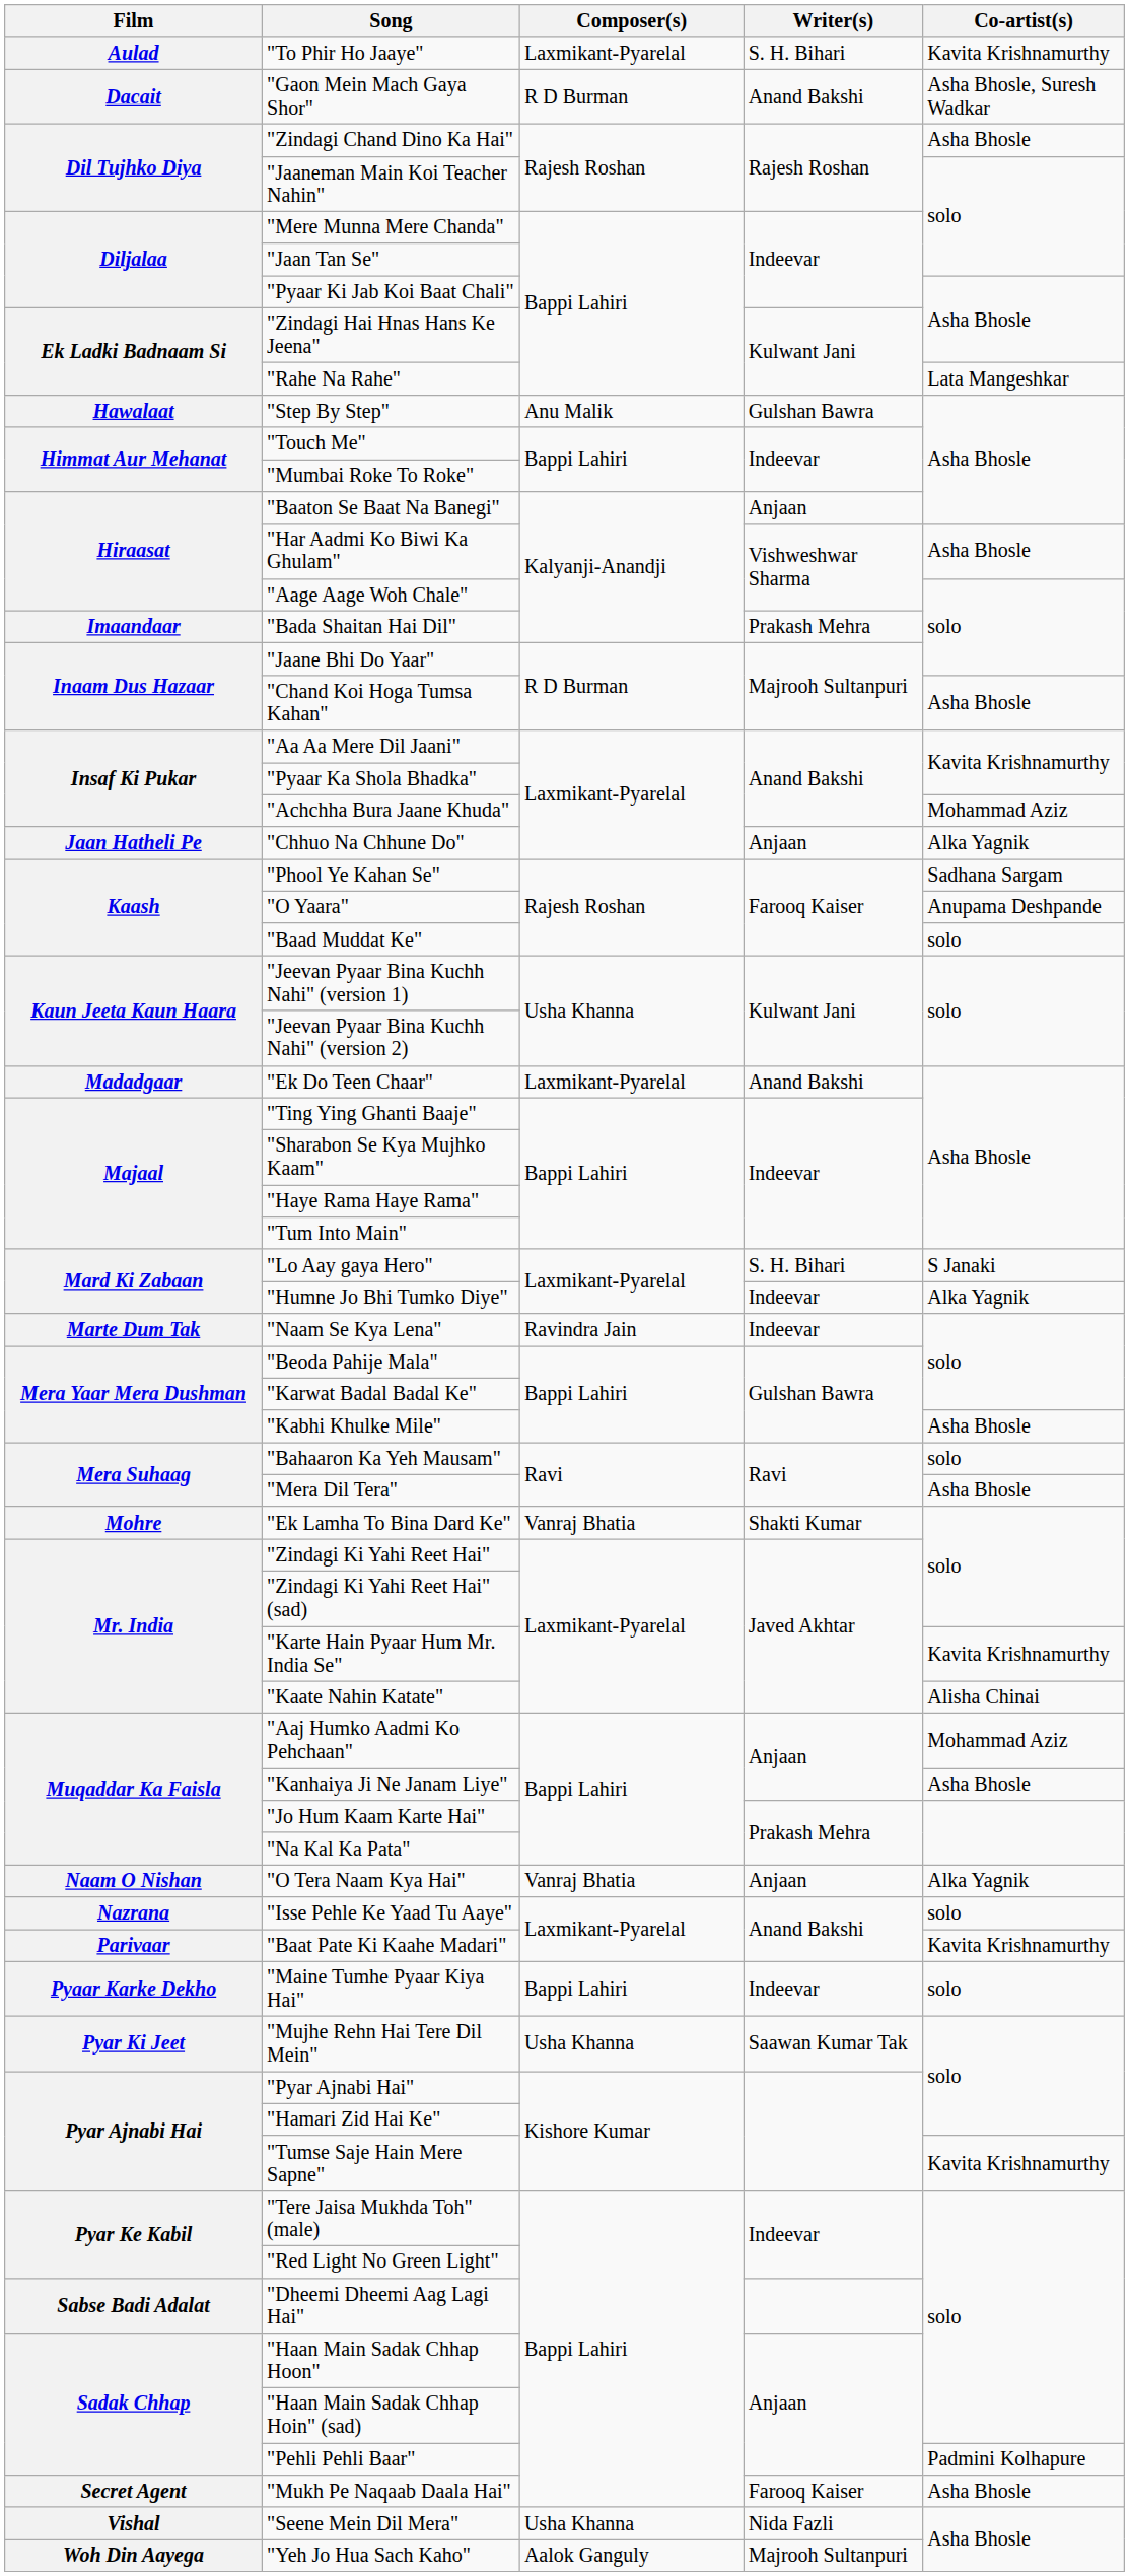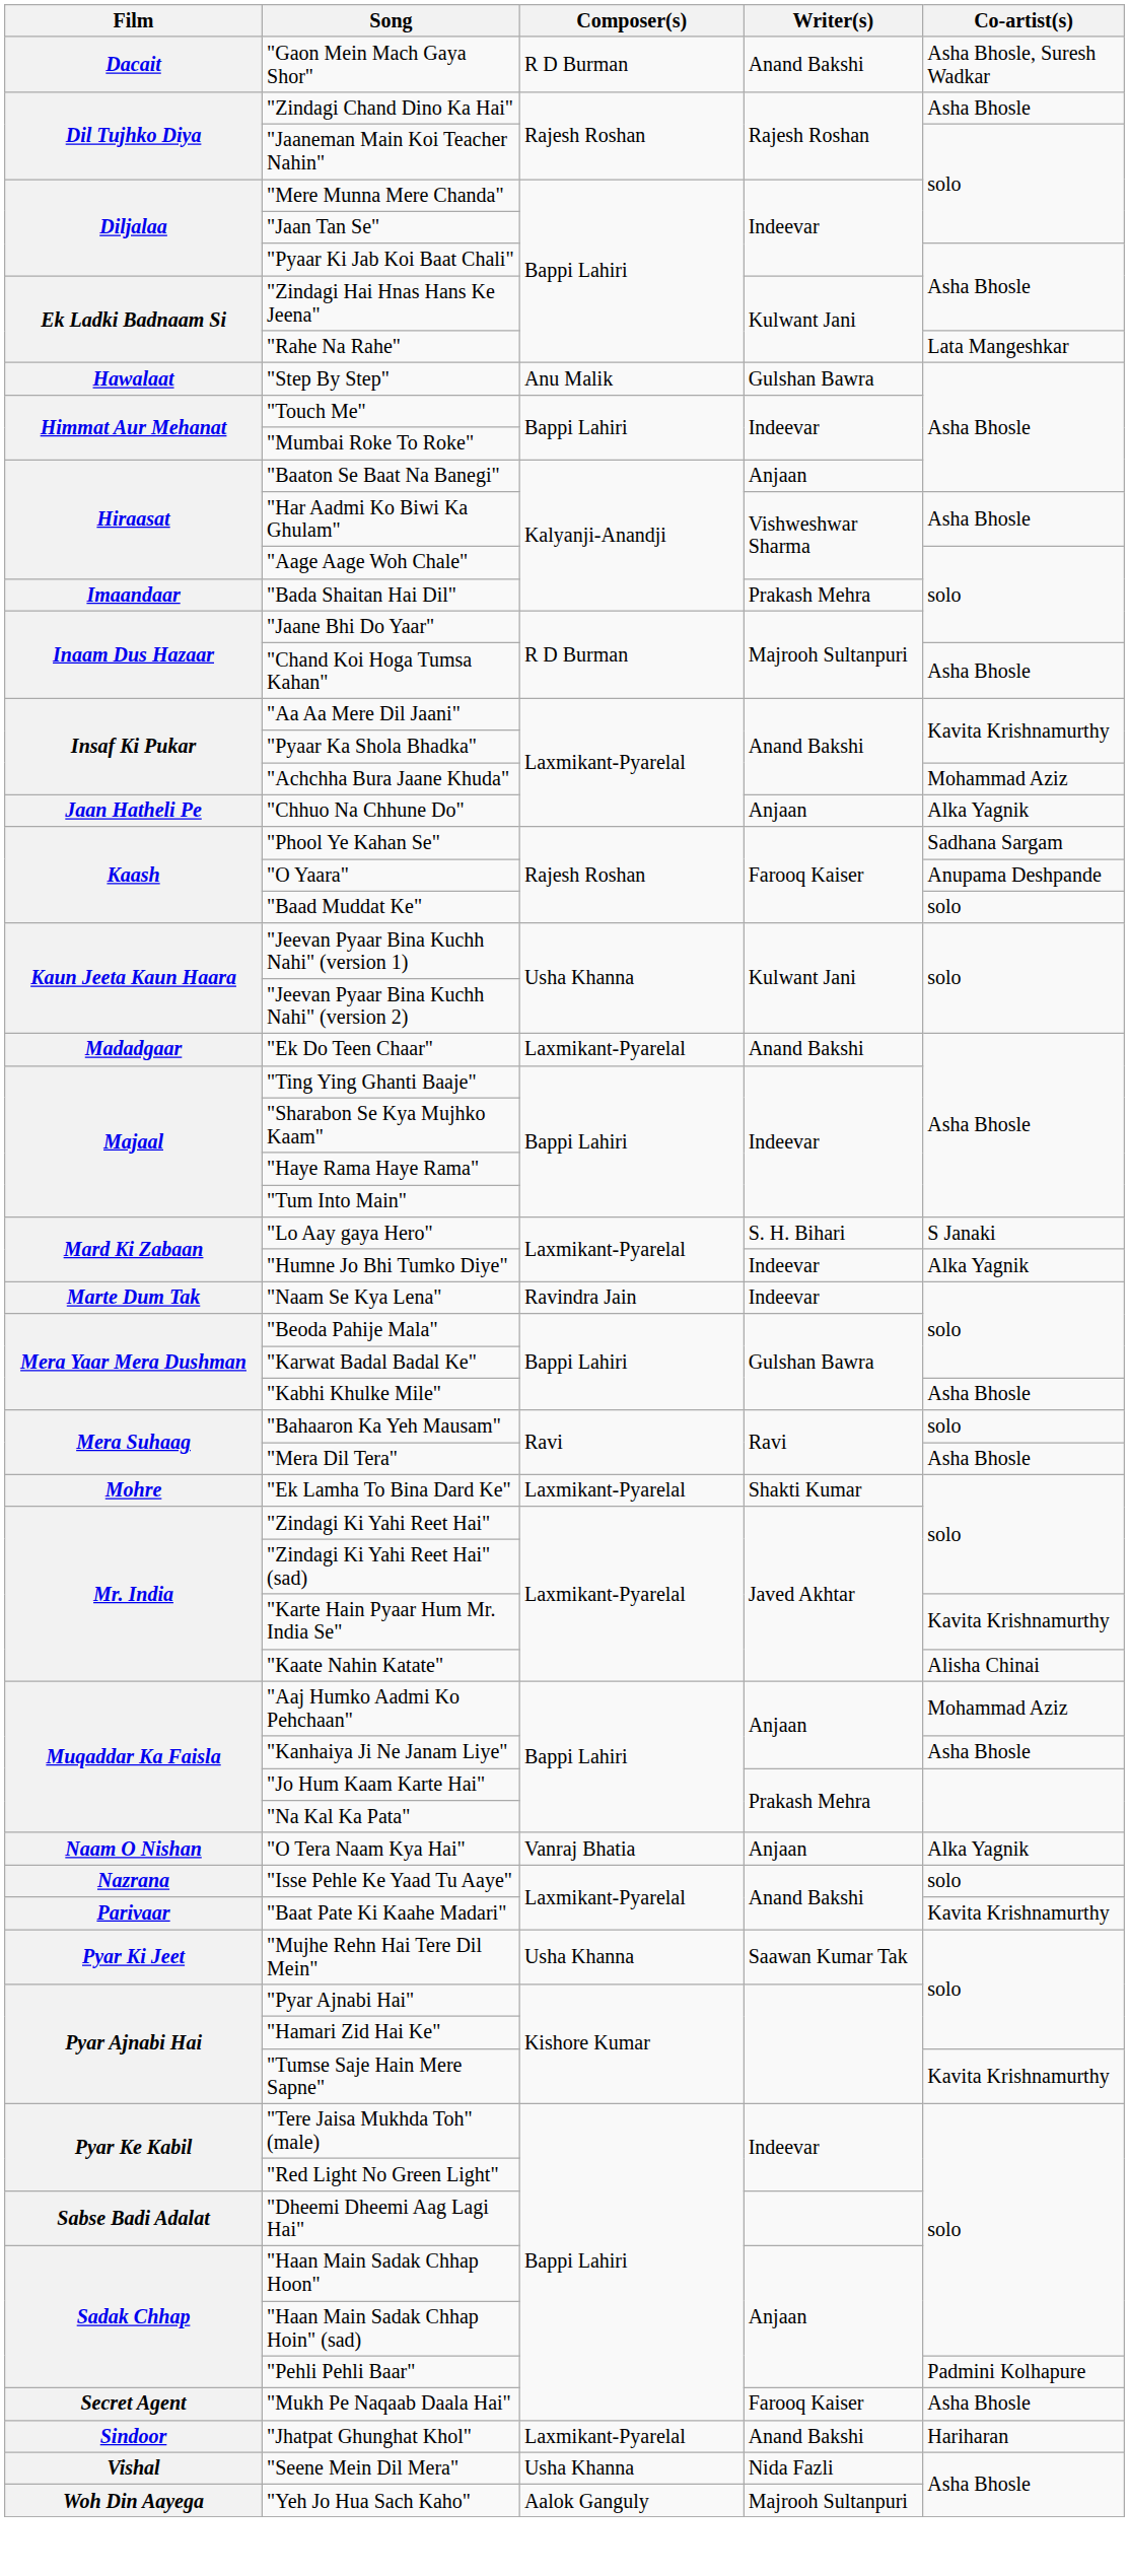 <table class="wikitable plainrowheaders" width="100%" textcolor:#000;">
 <tr style="background:#b0e0e66;">
 <th scope="col" width=23%><strong>Film</strong></th>
 <th scope="col" width=23%><strong>Song</strong></th>
 <th scope="col" width=20%><strong>Composer(s)</strong></th>
 <th scope="col" width=16%><strong>Writer(s)</strong></th>
 <th scope="col" width=18%><strong>Co-artist(s)</strong></th>
-</tr>
-<tr>
-<th><em><a href='#'>Aulad</a></em></th>
-<td>"To Phir Ho Jaaye"</td>
-<td>Laxmikant-Pyarelal</td>
-<td>S. H. Bihari</td>
-<td>Kavita Krishnamurthy</td>
 </tr>
 <tr>
 <th><em><a href='#'>Dacait</a></em></th>
 <td>"Gaon Mein Mach Gaya Shor"</td>
 <td>R D Burman</td>
 <td>Anand Bakshi</td>
 <td>Asha Bhosle, Suresh Wadkar</td>
 </tr>
 <tr>
 <th rowspan=2><em><a href='#'>Dil Tujhko Diya</a></em></th>
 <td>"Zindagi Chand Dino Ka Hai"</td>
 <td rowspan=2>Rajesh Roshan</td>
 <td rowspan=2>Rajesh Roshan</td>
 <td>Asha Bhosle</td>
 </tr>
 <tr>
 <td>"Jaaneman Main Koi Teacher Nahin"</td>
 <td rowspan=3>solo</td>
 </tr>
 <tr>
 <th rowspan=3><em><a href='#'>Diljalaa</a></em></th>
 <td>"Mere Munna Mere Chanda"</td>
 <td rowspan=5>Bappi Lahiri</td>
 <td rowspan=3>Indeevar</td>
 </tr>
 <tr>
 <td>"Jaan Tan Se"</td>
 </tr>
 <tr>
 <td>"Pyaar Ki Jab Koi Baat Chali"</td>
 <td rowspan=2>Asha Bhosle</td>
 </tr>
 <tr>
 <th rowspan=2><em>Ek Ladki Badnaam Si</em></th>
 <td>"Zindagi Hai Hnas Hans Ke Jeena"</td>
 <td rowspan=2>Kulwant Jani</td>
 </tr>
 <tr>
 <td>"Rahe Na Rahe"</td>
 <td>Lata Mangeshkar</td>
 </tr>
 <tr>
 <th><em><a href='#'>Hawalaat</a></em></th>
 <td>"Step By Step"</td>
 <td>Anu Malik</td>
 <td>Gulshan Bawra</td>
 <td rowspan=4>Asha Bhosle</td>
 </tr>
 <tr>
 <th rowspan=2><em><a href='#'>Himmat Aur Mehanat</a></em></th>
 <td>"Touch Me"</td>
 <td rowspan=2>Bappi Lahiri</td>
 <td rowspan=2>Indeevar</td>
 </tr>
 <tr>
 <td>"Mumbai Roke To Roke"</td>
 </tr>
 <tr>
 <th rowspan=3><em><a href='#'>Hiraasat</a></em></th>
 <td>"Baaton Se Baat Na Banegi"</td>
 <td rowspan=4>Kalyanji-Anandji</td>
 <td>Anjaan</td>
 </tr>
 <tr>
 <td>"Har Aadmi Ko Biwi Ka Ghulam"</td>
 <td rowspan=2>Vishweshwar Sharma</td>
 <td>Asha Bhosle</td>
 </tr>
 <tr>
 <td>"Aage Aage Woh Chale"</td>
 <td rowspan=3>solo</td>
 </tr>
 <tr>
 <th><em><a href='#'>Imaandaar</a></em></th>
 <td>"Bada Shaitan Hai Dil"</td>
 <td>Prakash Mehra</td>
 </tr>
 <tr>
 <th rowspan=2><em><a href='#'>Inaam Dus Hazaar</a></em></th>
 <td>"Jaane Bhi Do Yaar"</td>
 <td rowspan=2>R D Burman</td>
 <td rowspan=2>Majrooh Sultanpuri</td>
 </tr>
 <tr>
 <td>"Chand Koi Hoga Tumsa Kahan"</td>
 <td>Asha Bhosle</td>
 </tr>
 <tr>
 <th rowspan=3><em>Insaf Ki Pukar</em></th>
 <td>"Aa Aa Mere Dil Jaani"</td>
 <td rowspan=4>Laxmikant-Pyarelal</td>
 <td Rowspan=3>Anand Bakshi</td>
 <td rowspan=2>Kavita Krishnamurthy</td>
 </tr>
 <tr>
 <td>"Pyaar Ka Shola Bhadka"</td>
 </tr>
 <tr>
 <td>"Achchha Bura Jaane Khuda"</td>
 <td>Mohammad Aziz</td>
 </tr>
 <tr>
 <th><em><a href='#'>Jaan Hatheli Pe</a></em></th>
 <td>"Chhuo Na Chhune Do"</td>
 <td>Anjaan</td>
 <td>Alka Yagnik</td>
 </tr>
 <tr>
 <th rowspan=3><em><a href='#'>Kaash</a></em></th>
 <td>"Phool Ye Kahan Se"</td>
 <td rowspan=3>Rajesh Roshan</td>
 <td rowspan=3>Farooq Kaiser</td>
 <td>Sadhana Sargam</td>
 </tr>
 <tr>
 <td>"O Yaara"</td>
 <td>Anupama Deshpande</td>
 </tr>
 <tr>
 <td>"Baad Muddat Ke"</td>
 <td>solo</td>
 </tr>
 <tr>
 <th rowspan=2><em><a href='#'>Kaun Jeeta Kaun Haara</a></em></th>
 <td>"Jeevan Pyaar Bina Kuchh Nahi" (version 1)</td>
 <td rowspan=2>Usha Khanna</td>
 <td rowspan=2>Kulwant Jani</td>
 <td rowspan=2>solo</td>
 </tr>
 <tr>
 <td>"Jeevan Pyaar Bina Kuchh Nahi" (version 2)</td>
 </tr>
 <tr>
 <th><em><a href='#'>Madadgaar</a></em></th>
 <td>"Ek Do Teen Chaar"</td>
 <td>Laxmikant-Pyarelal</td>
 <td>Anand Bakshi</td>
 <td rowspan=5>Asha Bhosle</td>
 </tr>
 <tr>
 <th rowspan=4><em><a href='#'>Majaal</a></em></th>
 <td>"Ting Ying Ghanti Baaje"</td>
 <td rowspan=4>Bappi Lahiri</td>
 <td rowspan=4>Indeevar</td>
 </tr>
 <tr>
 <td>"Sharabon Se Kya Mujhko Kaam"</td>
 </tr>
 <tr>
 <td>"Haye Rama Haye Rama"</td>
 </tr>
 <tr>
 <td>"Tum Into Main"</td>
 </tr>
 <tr>
 <th rowspan=2><em><a href='#'>Mard Ki Zabaan</a></em></th>
 <td>"Lo Aay gaya Hero"</td>
 <td rowspan=2>Laxmikant-Pyarelal</td>
 <td>S. H. Bihari</td>
 <td>S Janaki</td>
 </tr>
 <tr>
 <td>"Humne Jo Bhi Tumko Diye"</td>
 <td>Indeevar</td>
 <td>Alka Yagnik</td>
 </tr>
 <tr>
 <th><em><a href='#'>Marte Dum Tak</a></em></th>
 <td>"Naam Se Kya Lena"</td>
 <td>Ravindra Jain</td>
 <td>Indeevar</td>
 <td rowspan=3>solo</td>
 </tr>
 <tr>
 <th rowspan=3><em><a href='#'>Mera Yaar Mera Dushman</a></em></th>
 <td>"Beoda Pahije Mala"</td>
 <td rowspan=3>Bappi Lahiri</td>
 <td rowspan=3>Gulshan Bawra</td>
 </tr>
 <tr>
 <td>"Karwat Badal Badal Ke"</td>
 </tr>
 <tr>
 <td>"Kabhi Khulke Mile"</td>
 <td>Asha Bhosle</td>
 </tr>
 <tr>
 <th rowspan=2><em><a href='#'>Mera Suhaag</a></em></th>
 <td>"Bahaaron Ka Yeh Mausam"</td>
 <td rowspan=2>Ravi</td>
 <td rowspan=2>Ravi</td>
 <td>solo</td>
 </tr>
 <tr>
 <td>"Mera Dil Tera"</td>
 <td>Asha Bhosle</td>
 </tr>
 <tr>
 <th><em><a href='#'>Mohre</a></em></th>
 <td>"Ek Lamha To Bina Dard Ke"</td>
-<td>Vanraj Bhatia</td>
+<td>Laxmikant-Pyarelal</td>
 <td>Shakti Kumar</td>
 <td rowspan=3>solo</td>
 </tr>
 <tr>
 <th rowspan=4><em><a href='#'>Mr. India</a></em></th>
 <td>"Zindagi Ki Yahi Reet Hai"</td>
 <td rowspan=4>Laxmikant-Pyarelal</td>
 <td rowspan=4>Javed Akhtar</td>
 </tr>
 <tr>
 <td>"Zindagi Ki Yahi Reet Hai" (sad)</td>
 </tr>
 <tr>
 <td>"Karte Hain Pyaar Hum Mr. India Se"</td>
 <td>Kavita Krishnamurthy</td>
 </tr>
 <tr>
 <td>"Kaate Nahin Katate"</td>
 <td>Alisha Chinai</td>
 </tr>
 <tr>
 <th rowspan=4><em><a href='#'>Muqaddar Ka Faisla</a></em></th>
 <td>"Aaj Humko Aadmi Ko Pehchaan"</td>
 <td rowspan=4>Bappi Lahiri</td>
 <td rowspan=2>Anjaan</td>
 <td>Mohammad Aziz</td>
 </tr>
 <tr>
 <td>"Kanhaiya Ji Ne Janam Liye"</td>
 <td>Asha Bhosle</td>
 </tr>
 <tr>
 <td>"Jo Hum Kaam Karte Hai"</td>
 <td rowspan=2>Prakash Mehra</td>
 </tr>
 <tr>
 <td>"Na Kal Ka Pata"</td>
 </tr>
 <tr>
 <th><em><a href='#'>Naam O Nishan</a></em></th>
 <td>"O Tera Naam Kya Hai"</td>
 <td>Vanraj Bhatia</td>
 <td>Anjaan</td>
 <td>Alka Yagnik</td>
 </tr>
 <tr>
 <th><em><a href='#'>Nazrana</a></em></th>
 <td>"Isse Pehle Ke Yaad Tu Aaye"</td>
 <td rowspan=2>Laxmikant-Pyarelal</td>
 <td rowspan=2>Anand Bakshi</td>
 <td>solo</td>
 </tr>
 <tr>
 <th><em><a href='#'>Parivaar</a></em></th>
 <td>"Baat Pate Ki Kaahe Madari"</td>
 <td>Kavita Krishnamurthy</td>
 </tr>
 <tr>
-<th><em><a href='#'>Pyaar Karke Dekho</a></em></th>
-<td>"Maine Tumhe Pyaar Kiya Hai"</td>
-<td>Bappi Lahiri</td>
-<td>Indeevar</td>
-<td>solo</td>
-</tr>
-<tr>
 <th><em><a href='#'>Pyar Ki Jeet</a></em></th>
 <td>"Mujhe Rehn Hai Tere Dil Mein"</td>
 <td>Usha Khanna</td>
 <td>Saawan Kumar Tak</td>
 <td rowspan=3>solo</td>
 </tr>
 <tr>
 <th rowspan=3><em>Pyar Ajnabi Hai</em></th>
 <td>"Pyar Ajnabi Hai"</td>
 <td rowspan=3>Kishore Kumar</td>
 <td rowspan=3></td>
 </tr>
 <tr>
 <td>"Hamari Zid Hai Ke"</td>
 </tr>
 <tr>
 <td>"Tumse Saje Hain Mere Sapne"</td>
 <td>Kavita Krishnamurthy</td>
 </tr>
 <tr>
 <th Rowspan=2><em>Pyar Ke Kabil</em></th>
 <td>"Tere Jaisa Mukhda Toh" (male)</td>
 <td rowspan=7>Bappi Lahiri</td>
 <td rowspan=2>Indeevar</td>
 <td rowspan=5>solo</td>
 </tr>
 <tr>
 <td>"Red Light No Green Light"</td>
 </tr>
 <tr>
 <th><em>Sabse Badi Adalat</em></th>
 <td>"Dheemi Dheemi Aag Lagi Hai"</td>
 <td></td>
 </tr>
 <tr>
 <th rowspan=3><em><a href='#'>Sadak Chhap</a></em></th>
 <td>"Haan Main Sadak Chhap Hoon"</td>
 <td rowspan=3>Anjaan</td>
 </tr>
 <tr>
 <td>"Haan Main Sadak Chhap Hoin" (sad)</td>
 </tr>
 <tr>
 <td>"Pehli Pehli Baar"</td>
 <td>Padmini Kolhapure</td>
 </tr>
 <tr>
 <th><em>Secret Agent</em></th>
 <td>"Mukh Pe Naqaab Daala Hai"</td>
 <td>Farooq Kaiser</td>
 <td rowspan=1>Asha Bhosle</td>
 </tr>
 <tr>
+<th><em><a href='#'>Sindoor</a></em></th>
+<td>"Jhatpat Ghunghat Khol"</td>
+<td>Laxmikant-Pyarelal</td>
+<td>Anand Bakshi</td>
+<td>Hariharan</td>
+</tr>
+<tr>
 <th><em>Vishal</em></th>
 <td>"Seene Mein Dil Mera"</td>
 <td>Usha Khanna</td>
 <td>Nida Fazli</td>
 <td rowspan=2>Asha Bhosle</td>
 </tr>
 <tr>
 <th><em>Woh Din Aayega</em></th>
 <td>"Yeh Jo Hua Sach Kaho"</td>
 <td>Aalok Ganguly</td>
 <td>Majrooh Sultanpuri</td>
 </tr>
 <tr>
 </tr>
 </table>
